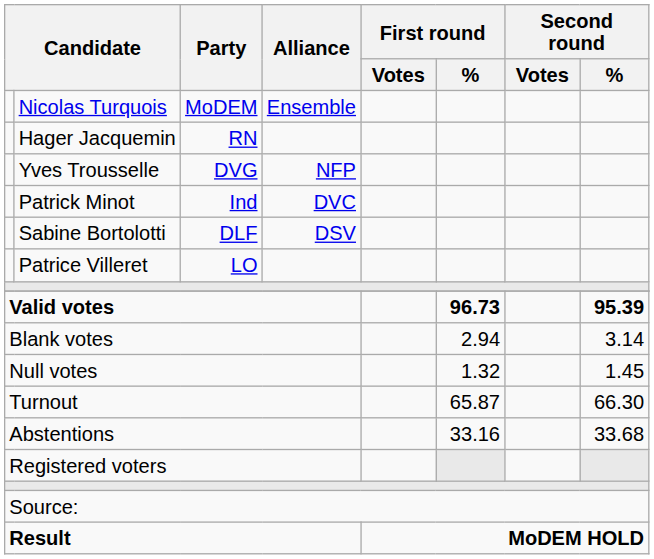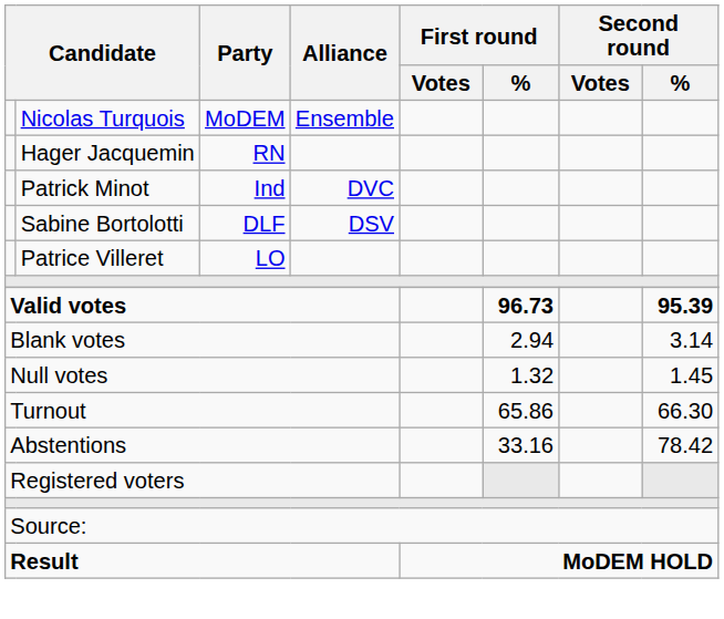 <table class="wikitable" style="text-align:right;font-size:95%;">
 <tr>
 <th colspan="2" rowspan="2">Candidate</th>
 <th colspan="1" rowspan="2">Party</th>
 <th colspan="1" rowspan="2">Alliance</th>
 <th colspan="2">First round</th>
 <th colspan="2">Second round</th>
 </tr>
 <tr>
 <th style="width:50px;">Votes</th>
 <th style="width:45px;">%</th>
 <th style="width:50px;">Votes</th>
 <th style="width:45px;">%</th>
 </tr>
 <tr>
 <td style="color:inherit;background:"></td>
 <td style="text-align:left;"><a href='#'>Nicolas Turquois</a></td>
 <td><a href='#'>MoDEM</a></td>
 <td><a href='#'>Ensemble</a></td>
 <td></td>
 <td></td>
 <td><strong></strong></td>
 <td><strong></strong></td>
 </tr>
 <tr>
 <td style="color:inherit;background:"></td>
 <td style="text-align:left;">Hager Jacquemin</td>
 <td><a href='#'>RN</a></td>
 <td></td>
-<td></td>
-<td></td>
-<td></td>
-<td></td>
-</tr>
-<tr>
-<td style="color:inherit;background:"></td>
-<td style="text-align:left;">Yves Trousselle</td>
-<td><a href='#'>DVG</a></td>
-<td><a href='#'>NFP</a></td>
 <td></td>
 <td></td>
 <td></td>
 <td></td>
 </tr>
 <tr>
 <td style="color:inherit;background:"></td>
 <td style="text-align:left;">Patrick Minot</td>
 <td><a href='#'>Ind</a></td>
 <td><a href='#'>DVC</a></td>
 <td></td>
 <td></td>
 <td></td>
 <td></td>
 </tr>
 <tr>
 <td style="color:inherit;background:"></td>
 <td style="text-align:left;">Sabine Bortolotti</td>
 <td><a href='#'>DLF</a></td>
 <td><a href='#'>DSV</a></td>
 <td></td>
 <td></td>
 <td></td>
 <td></td>
 </tr>
 <tr>
 <td style="color:inherit;background:"></td>
 <td style="text-align:left;">Patrice Villeret</td>
 <td><a href='#'>LO</a></td>
 <td></td>
 <td></td>
 <td></td>
 <td></td>
 <td></td>
 </tr>
 <tr>
 <td colspan="8" style="background:#E9E9E9;"></td>
 </tr>
 <tr>
 </tr>
 <tr style="font-weight:bold;">
 <td colspan="4" style="text-align:left;">Valid votes</td>
 <td></td>
 <td>96.73</td>
 <td></td>
 <td>95.39</td>
 </tr>
 <tr>
 <td colspan="4" style="text-align:left;">Blank votes</td>
 <td></td>
 <td>2.94</td>
 <td></td>
 <td>3.14</td>
 </tr>
 <tr>
 <td colspan="4" style="text-align:left;">Null votes</td>
 <td></td>
 <td>1.32</td>
 <td></td>
 <td>1.45</td>
 </tr>
 <tr>
 <td colspan="4" style="text-align:left;">Turnout</td>
 <td></td>
-<td>65.87</td>
+<td>65.86</td>
 <td></td>
 <td>66.30</td>
 </tr>
 <tr>
 <td colspan="4" style="text-align:left;">Abstentions</td>
 <td></td>
 <td>33.16</td>
 <td></td>
-<td>33.68</td>
+<td>78.42</td>
 </tr>
 <tr>
 <td colspan="4" style="text-align:left;">Registered voters</td>
 <td></td>
 <td style="background:#E9E9E9;"></td>
 <td></td>
 <td style="background:#E9E9E9;"></td>
 </tr>
 <tr>
 <td colspan="8" style="background:#E9E9E9;"></td>
 </tr>
 <tr>
 <td colspan="8" style="text-align:left;">Source: </td>
 </tr>
 <tr style="font-weight:bold">
 <td colspan="4" style="text-align:left;">Result</td>
 <td colspan="4" style="background-color:">MoDEM HOLD</td>
 </tr>
 </table>
